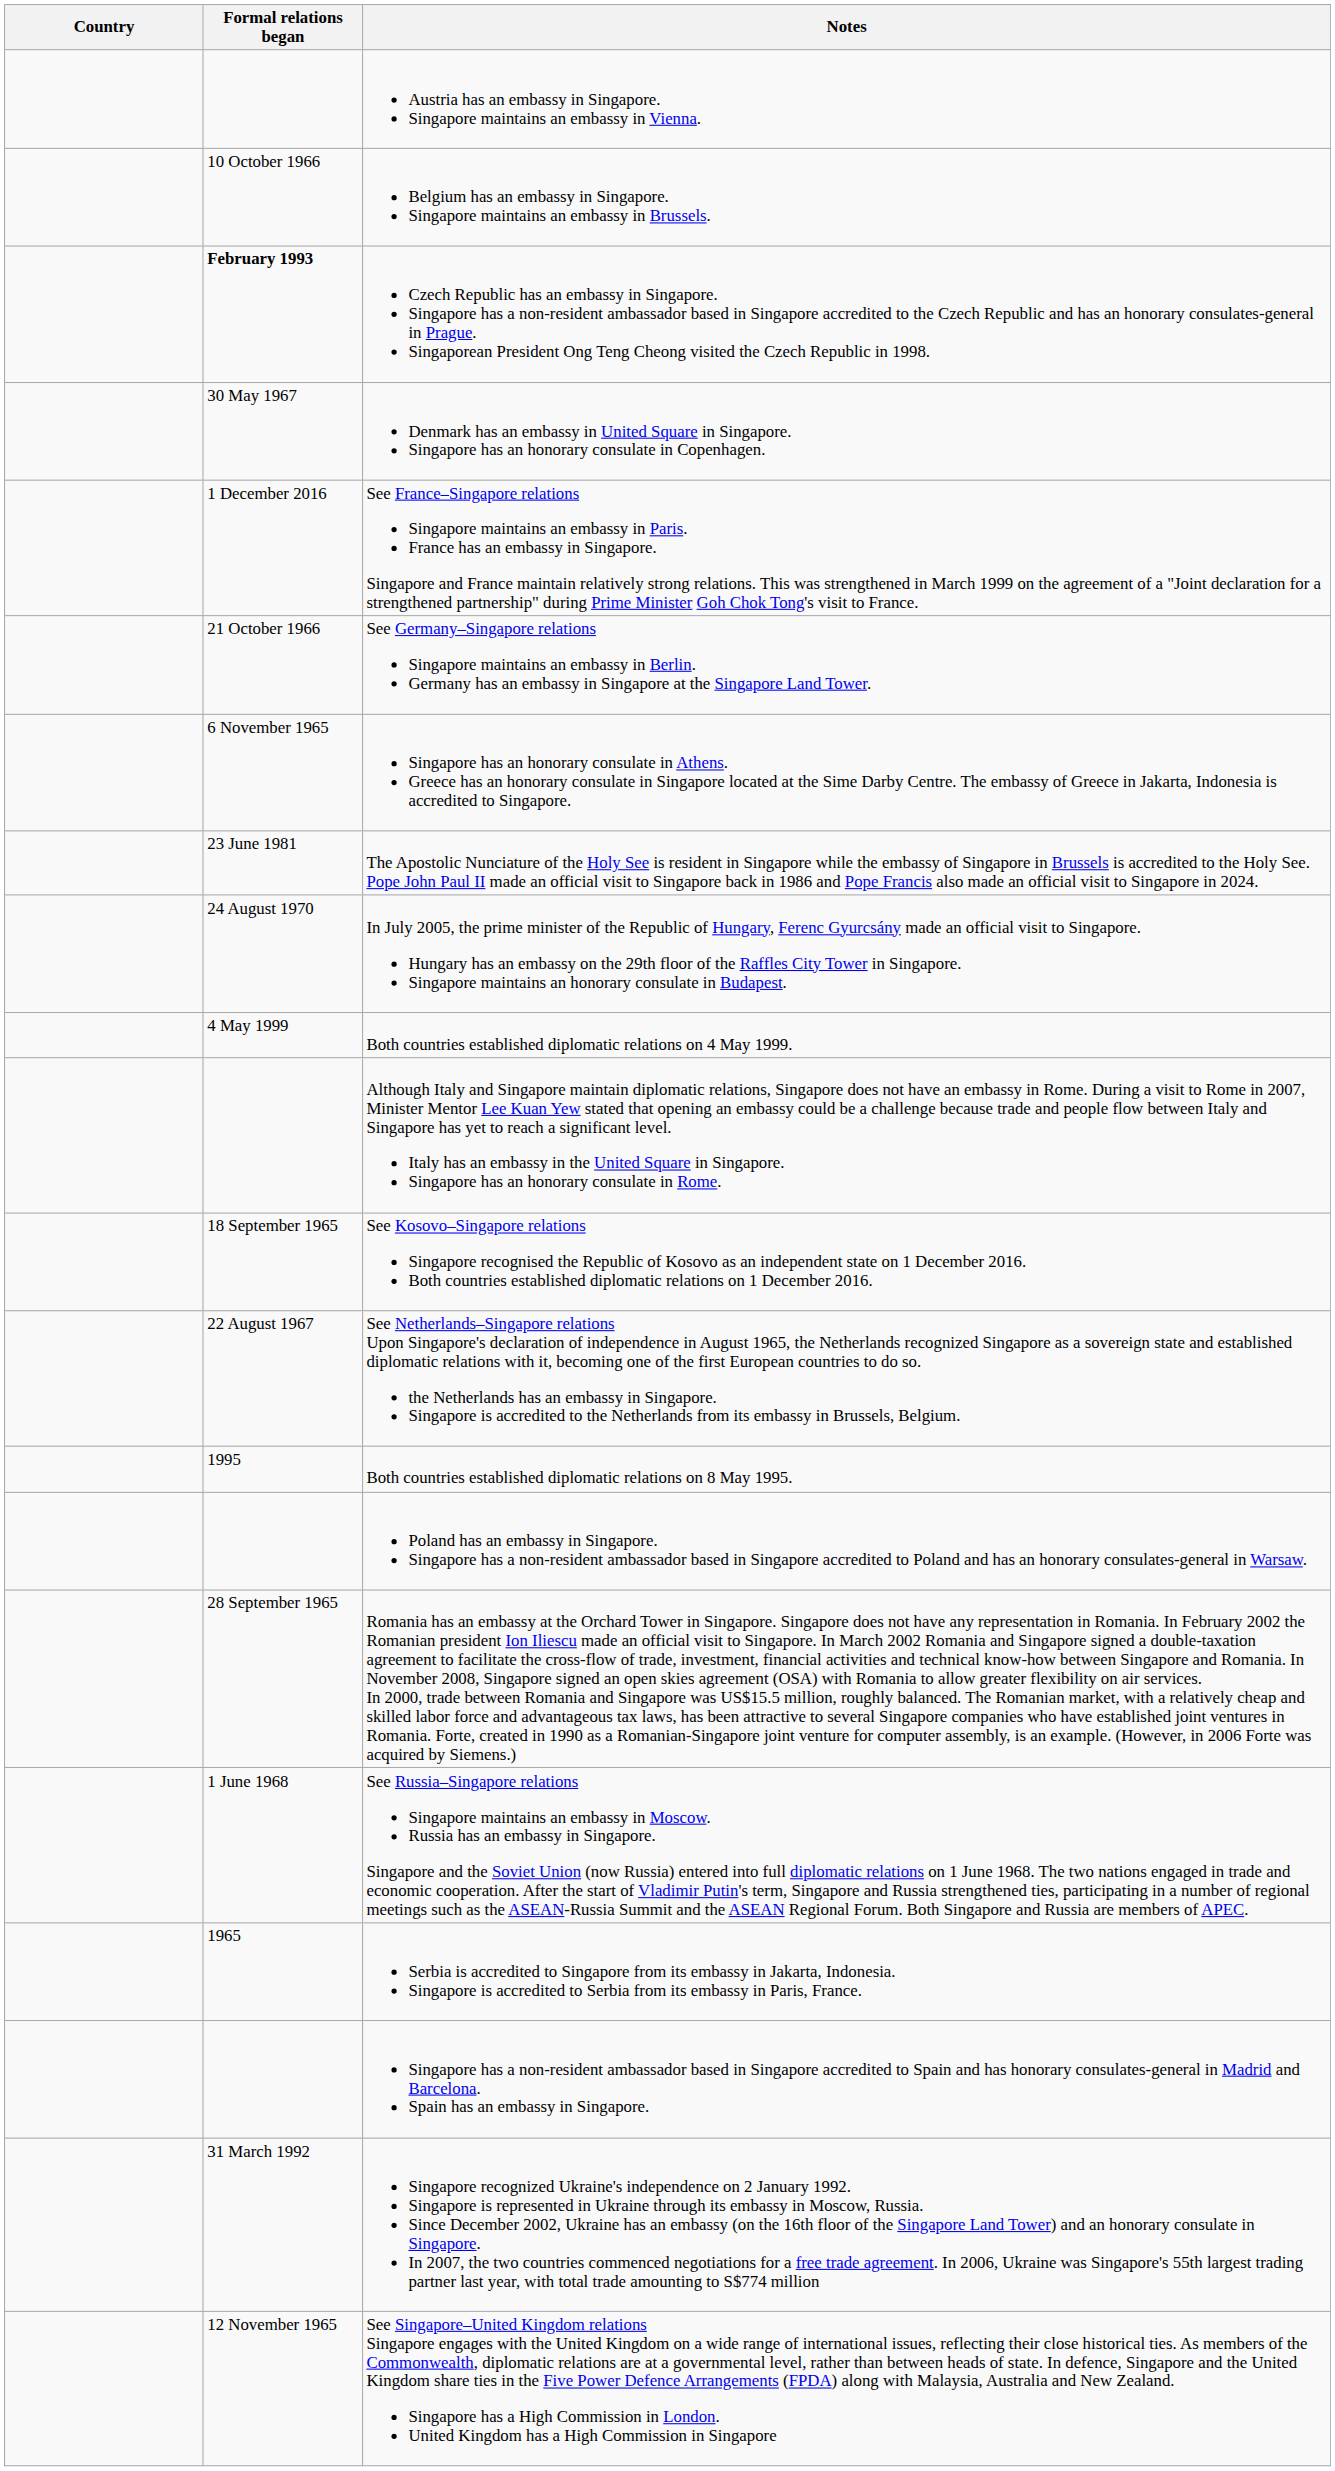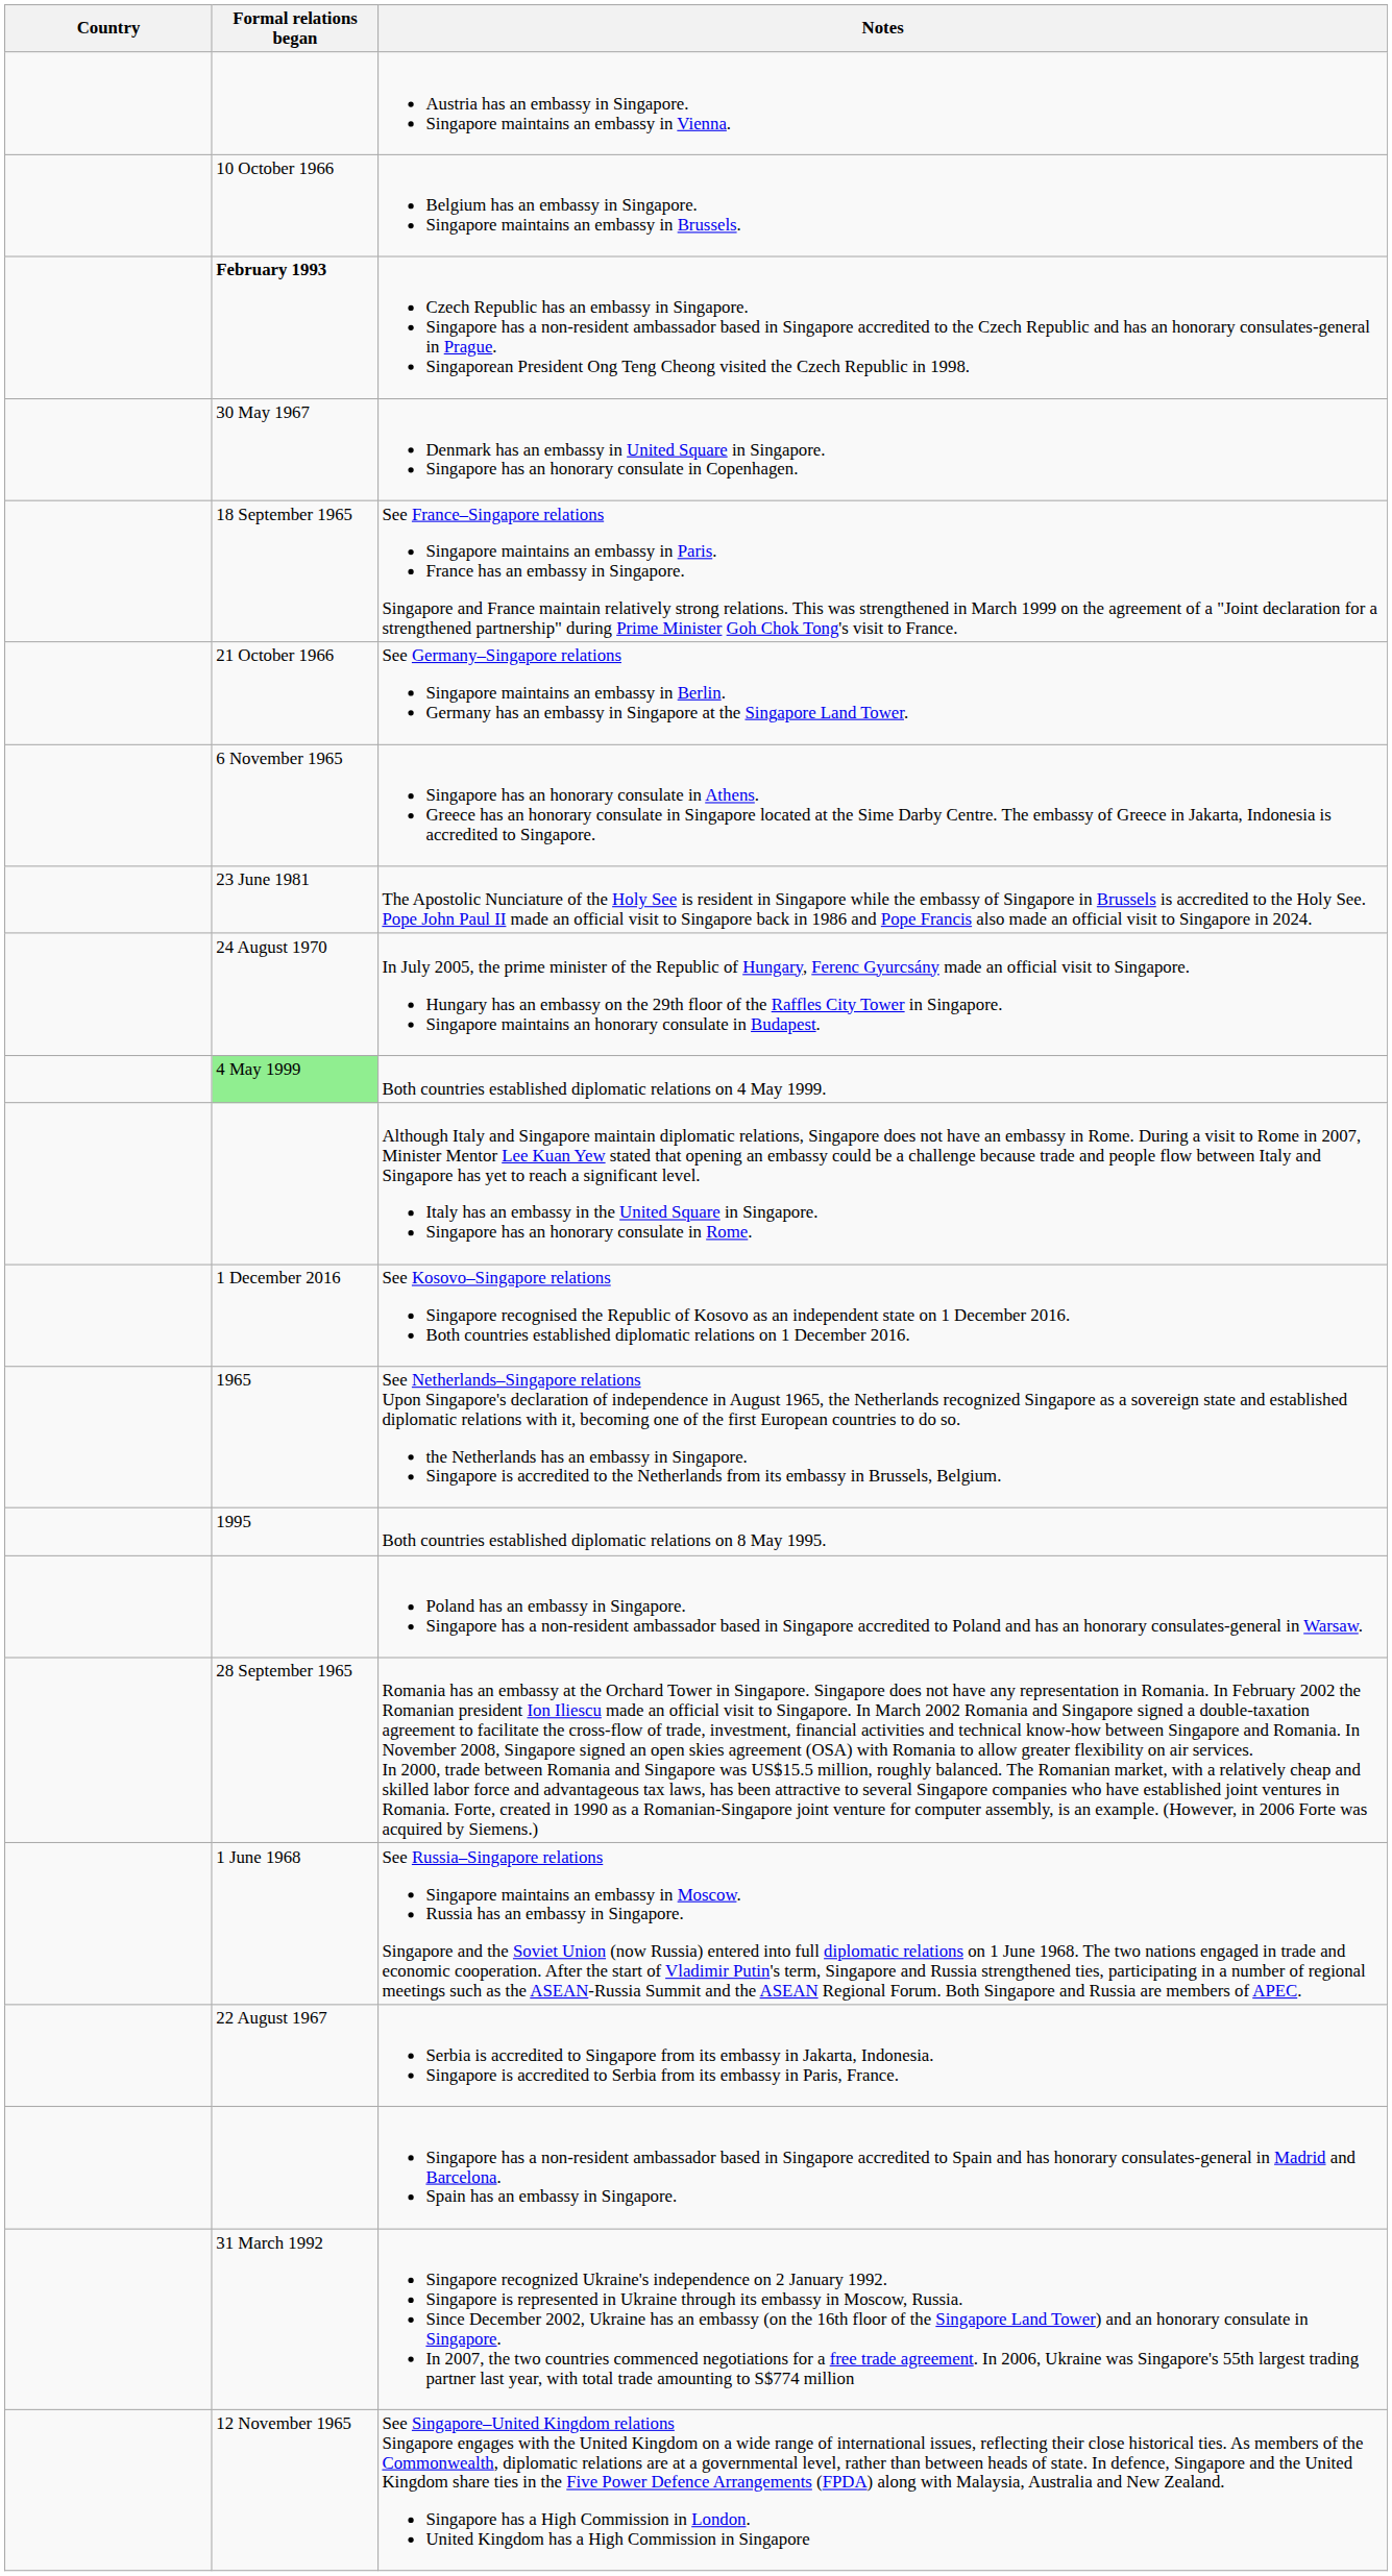 <table class="wikitable sortable" border="1" style="width:100%; margin:auto;">
 <tr>
 <th width="15%">Country</th>
 <th width="12%">Formal relations began</th>
 <th>Notes</th>
 </tr>
 <tr valign="top">
 <td></td>
 <td></td>
 <td><br><ul><li>Austria has an embassy in Singapore.</li><li>Singapore maintains an embassy in <a href='#'>Vienna</a>.</li></ul></td>
 </tr>
 <tr valign="top">
 <td></td>
 <td>10 October 1966</td>
 <td><br><ul><li>Belgium has an embassy in Singapore.</li><li>Singapore maintains an embassy in <a href='#'>Brussels</a>.</li></ul></td>
 </tr>
 <tr valign="top">
 <td></td>
 <td><strong> February 1993</strong></td>
 <td><br><ul><li>Czech Republic has an embassy in Singapore.</li><li>Singapore has a non-resident ambassador based in Singapore accredited to the Czech Republic and has an honorary consulates-general in <a href='#'>Prague</a>.</li><li>Singaporean President Ong Teng Cheong visited the Czech Republic in 1998.</li></ul></td>
 </tr>
 <tr valign="top">
 <td></td>
 <td>30 May 1967</td>
 <td><br><ul><li>Denmark has an embassy in <a href='#'>United Square</a> in Singapore.</li><li>Singapore has an honorary consulate in Copenhagen.</li></ul></td>
 </tr>
 <tr valign="top">
 <td></td>
-<td>1 December 2016</td>
+<td>18 September 1965</td>
 <td>See <a href='#'>France–Singapore relations</a><br><ul><li>Singapore maintains an embassy in <a href='#'>Paris</a>.</li><li>France has an embassy in Singapore.</li></ul>Singapore and France maintain relatively strong relations. This was strengthened in March 1999 on the agreement of a "Joint declaration for a strengthened partnership" during <a href='#'>Prime Minister</a> <a href='#'>Goh Chok Tong</a>'s visit to France.</td>
 </tr>
 <tr valign="top">
 <td></td>
 <td>21 October 1966</td>
 <td>See <a href='#'>Germany–Singapore relations</a><br><ul><li>Singapore maintains an embassy in <a href='#'>Berlin</a>.</li><li>Germany has an embassy in Singapore at the <a href='#'>Singapore Land Tower</a>.</li></ul></td>
 </tr>
 <tr valign="top">
 <td></td>
 <td>6 November 1965</td>
 <td><br><ul><li>Singapore has an honorary consulate in <a href='#'>Athens</a>.</li><li>Greece has an honorary consulate in Singapore located at the Sime Darby Centre. The embassy of Greece in Jakarta, Indonesia is accredited to Singapore.</li></ul></td>
 </tr>
 <tr valign="top">
 <td></td>
 <td>23 June 1981</td>
 <td><br>The Apostolic Nunciature of the <a href='#'>Holy See</a> is resident in Singapore while the embassy of Singapore in <a href='#'>Brussels</a> is accredited to the Holy See. <a href='#'>Pope John Paul II</a> made an official visit to Singapore back in 1986 and <a href='#'>Pope Francis</a> also made an official visit to Singapore in 2024.</td>
 </tr>
 <tr valign="top">
 <td></td>
 <td>24 August 1970</td>
 <td><br>In July 2005, the prime minister of the Republic of <a href='#'>Hungary</a>, <a href='#'>Ferenc Gyurcsány</a> made an official visit to Singapore.<ul><li>Hungary has an embassy on the 29th floor of the <a href='#'>Raffles City Tower</a> in Singapore.</li><li>Singapore maintains an honorary consulate in <a href='#'>Budapest</a>.</li></ul></td>
 </tr>
 <tr valign="top">
 <td></td>
-<td>4 May 1999</td>
+<td style="background: lightgreen;">4 May 1999</td>
 <td><br>Both countries established diplomatic relations on 4 May 1999.</td>
 </tr>
 <tr valign="top">
 <td></td>
 <td></td>
 <td><br>Although Italy and Singapore maintain diplomatic relations, Singapore does not have an embassy in Rome. During a visit to Rome in 2007, Minister Mentor <a href='#'>Lee Kuan Yew</a> stated that opening an embassy could be a challenge because trade and people flow between Italy and Singapore has yet to reach a significant level.<ul><li>Italy has an embassy in the <a href='#'>United Square</a> in Singapore.</li><li>Singapore has an honorary consulate in <a href='#'>Rome</a>.</li></ul></td>
 </tr>
 <tr valign="top">
 <td></td>
-<td>18 September 1965</td>
+<td>1 December 2016</td>
 <td>See <a href='#'>Kosovo–Singapore relations</a><br><ul><li>Singapore recognised the Republic of Kosovo as an independent state on 1 December 2016.</li><li>Both countries established diplomatic relations on 1 December 2016.</li></ul></td>
 </tr>
 <tr valign="top">
 <td></td>
-<td>22 August 1967</td>
+<td>1965</td>
 <td>See <a href='#'>Netherlands–Singapore relations</a><br>Upon Singapore's declaration of independence in August 1965, the Netherlands recognized Singapore as a sovereign state and established diplomatic relations with it, becoming one of the first European countries to do so.<ul><li>the Netherlands has an embassy in Singapore.</li><li>Singapore is accredited to the Netherlands from its embassy in Brussels, Belgium.</li></ul></td>
 </tr>
 <tr valign="top">
 <td></td>
 <td>1995</td>
 <td><br>Both countries established diplomatic relations on 8 May 1995.</td>
 </tr>
 <tr valign="top">
 <td></td>
 <td></td>
 <td><br><ul><li>Poland has an embassy in Singapore.</li><li>Singapore has a non-resident ambassador based in Singapore accredited to Poland and has an honorary consulates-general in <a href='#'>Warsaw</a>.</li></ul></td>
 </tr>
 <tr valign="top">
 <td></td>
 <td>28 September 1965</td>
 <td><br>Romania has an embassy at the Orchard Tower in Singapore. Singapore does not have any representation in Romania. In February 2002 the Romanian president <a href='#'>Ion Iliescu</a> made an official visit to Singapore. In March 2002 Romania and Singapore signed a double-taxation agreement to facilitate the cross-flow of trade, investment, financial activities and technical know-how between Singapore and Romania. In November 2008, Singapore signed an open skies agreement (OSA) with Romania to allow greater flexibility on air services.<br>In 2000, trade between Romania and Singapore was US$15.5 million, roughly balanced. The Romanian market, with a relatively cheap and skilled labor force and advantageous tax laws, has been attractive to several Singapore companies who have established joint ventures in Romania. Forte, created in 1990 as a Romanian-Singapore joint venture for computer assembly, is an example. (However, in 2006 Forte was acquired by Siemens.)</td>
 </tr>
 <tr valign="top">
 <td></td>
 <td>1 June 1968</td>
 <td>See <a href='#'>Russia–Singapore relations</a><br><ul><li>Singapore maintains an embassy in <a href='#'>Moscow</a>.</li><li>Russia has an embassy in Singapore.</li></ul>Singapore and the <a href='#'>Soviet Union</a> (now Russia) entered into full <a href='#'>diplomatic relations</a> on 1 June 1968. The two nations engaged in trade and economic cooperation. After the start of <a href='#'>Vladimir Putin</a>'s term, Singapore and Russia strengthened ties, participating in a number of regional meetings such as the <a href='#'>ASEAN</a>-Russia Summit and the <a href='#'>ASEAN</a> Regional Forum. Both Singapore and Russia are members of <a href='#'>APEC</a>.</td>
 </tr>
 <tr valign="top">
 <td></td>
-<td>1965</td>
+<td>22 August 1967</td>
 <td><br><ul><li>Serbia is accredited to Singapore from its embassy in Jakarta, Indonesia.</li><li>Singapore is accredited to Serbia from its embassy in Paris, France.</li></ul></td>
 </tr>
 <tr valign="top">
 <td></td>
 <td></td>
 <td><br><ul><li>Singapore has a non-resident ambassador based in Singapore accredited to Spain and has honorary consulates-general in <a href='#'>Madrid</a> and <a href='#'>Barcelona</a>.</li><li>Spain has an embassy in Singapore.</li></ul></td>
 </tr>
 <tr valign="top">
 <td></td>
 <td>31 March 1992</td>
 <td><br><ul><li>Singapore recognized Ukraine's independence on 2 January 1992.</li><li>Singapore is represented in Ukraine through its embassy in Moscow, Russia.</li><li>Since December 2002, Ukraine has an embassy (on the 16th floor of the <a href='#'>Singapore Land Tower</a>) and an honorary consulate in <a href='#'>Singapore</a>.</li><li>In 2007, the two countries commenced negotiations for a <a href='#'>free trade agreement</a>. In 2006, Ukraine was Singapore's 55th largest trading partner last year, with total trade amounting to S$774 million</li></ul></td>
 </tr>
 <tr valign="top">
 <td></td>
 <td>12 November 1965</td>
 <td>See <a href='#'>Singapore–United Kingdom relations</a><br>Singapore engages with the United Kingdom on a wide range of international issues, reflecting their close historical ties. As members of the <a href='#'>Commonwealth</a>, diplomatic relations are at a governmental level, rather than between heads of state. In defence, Singapore and the United Kingdom share ties in the <a href='#'>Five Power Defence Arrangements</a> (<a href='#'>FPDA</a>) along with Malaysia, Australia and New Zealand.<ul><li>Singapore has a High Commission in <a href='#'>London</a>.</li><li>United Kingdom has a High Commission in Singapore</li></ul></td>
 </tr>
 </table>
